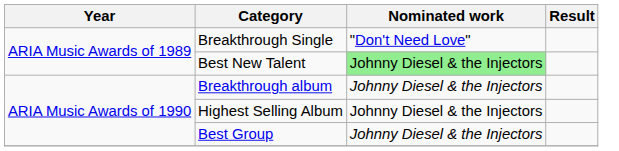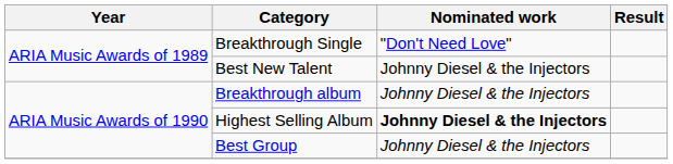 <table class="wikitable">
 <tr>
 <th>Year</th>
 <th>Category</th>
 <th>Nominated work</th>
 <th>Result</th>
 </tr>
 <tr>
 <td rowspan="2"><a href='#'>ARIA Music Awards of 1989</a></td>
 <td>Breakthrough Single</td>
 <td>"<a href='#'>Don't Need Love</a>"</td>
 <td></td>
 </tr>
 <tr>
 <td>Best New Talent</td>
-<td style="background: lightgreen;">Johnny Diesel & the Injectors</td>
+<td>Johnny Diesel & the Injectors</td>
 <td></td>
 </tr>
 <tr>
 <td rowspan="3"><a href='#'>ARIA Music Awards of 1990</a></td>
 <td><a href='#'>Breakthrough album</a></td>
 <td><em>Johnny Diesel & the Injectors</em></td>
 <td></td>
 </tr>
 <tr>
 <td>Highest Selling Album</td>
-<td>Johnny Diesel & the Injectors</td>
+<td><strong>Johnny Diesel & the Injectors</strong></td>
 <td></td>
 </tr>
 <tr>
 <td><a href='#'>Best Group</a></td>
 <td><em>Johnny Diesel & the Injectors</em></td>
 <td></td>
 </tr>
 <tr>
 </tr>
 </table>
